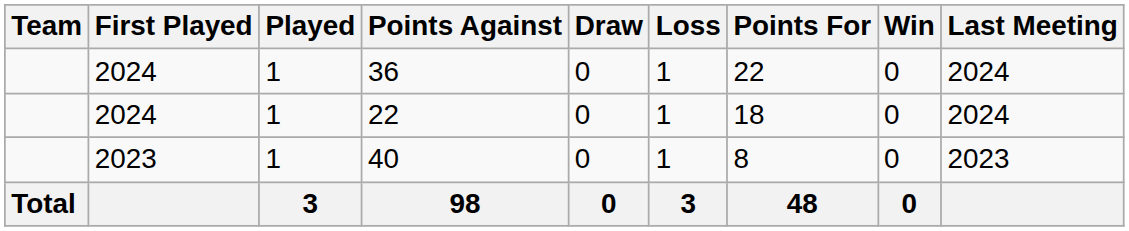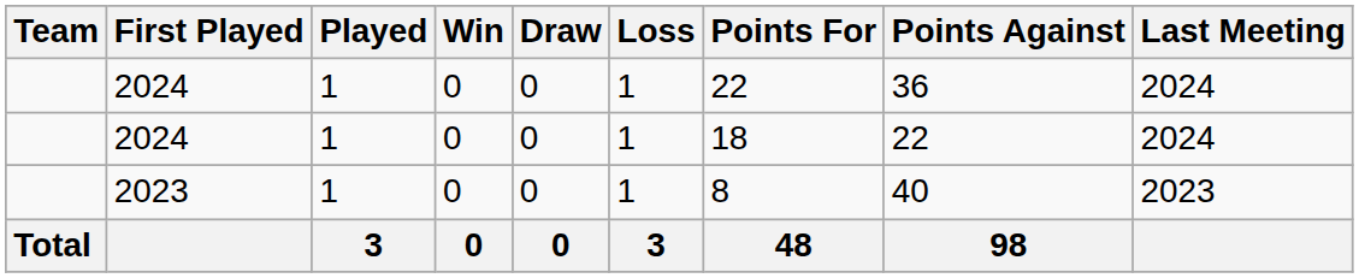 <table class="sortable wikitable">
 <tr>
 <th>Team</th>
 <th>First Played</th>
 <th>Played</th>
-<th>Points Against</th>
+<th>Win</th>
 <th>Draw</th>
 <th>Loss</th>
 <th>Points For</th>
-<th>Win</th>
+<th>Points Against</th>
 <th>Last Meeting</th>
 </tr>
 <tr>
 <td></td>
 <td>2024</td>
 <td>1</td>
-<td>36</td>
+<td>0</td>
 <td>0</td>
 <td>1</td>
 <td>22</td>
-<td>0</td>
+<td>36</td>
 <td>2024</td>
 </tr>
 <tr>
 <td></td>
 <td>2024</td>
 <td>1</td>
-<td>22</td>
+<td>0</td>
 <td>0</td>
 <td>1</td>
 <td>18</td>
-<td>0</td>
+<td>22</td>
 <td>2024</td>
 </tr>
 <tr>
 <td></td>
 <td>2023</td>
 <td>1</td>
-<td>40</td>
+<td>0</td>
 <td>0</td>
 <td>1</td>
 <td>8</td>
-<td>0</td>
+<td>40</td>
 <td>2023</td>
 </tr>
 <tr>
 <th style="text-align:left;"><strong>Total</strong></th>
 <th><strong></strong></th>
 <th><strong>3</strong></th>
-<th><strong>98</strong></th>
+<th><strong>0</strong></th>
 <th><strong>0</strong></th>
 <th><strong>3</strong></th>
 <th><strong>48</strong></th>
-<th><strong>0</strong></th>
+<th><strong>98</strong></th>
 <th><strong></strong></th>
 </tr>
 </table>
